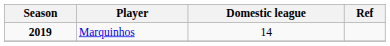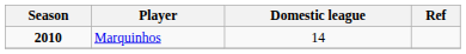 <table class="wikitable sortable" style="width:60%; align:center; text-align:center">
 <tr>
 <th>Season</th>
 <th class="unsortable">Player</th>
 <th>Domestic league</th>
 <th>Ref</th>
 </tr>
 <tr>
-<td><strong>2019</strong></td>
+<td><strong>2010</strong></td>
 <td align="left"> <a href='#'>Marquinhos</a></td>
 <td>14</td>
 <td></td>
 </tr>
 <tr>
 </tr>
 </table>
